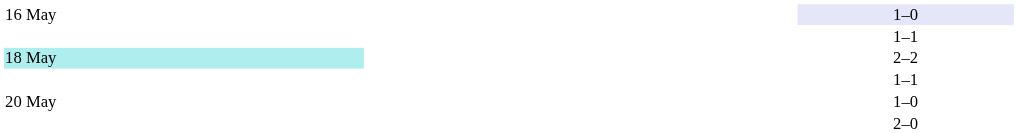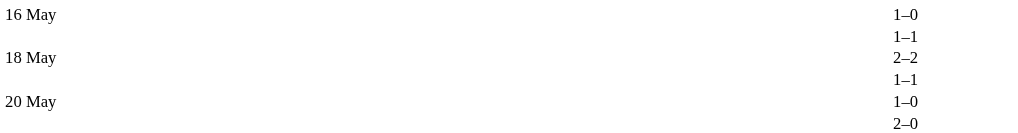 <table cellspacing=1 width=70%>
 <tr>
 <th width=25%></th>
 <th width=30%></th>
 <th width=15%></th>
 <th width=30%></th>
 </tr>
 <tr>
 <td>16 May</td>
 <td align=right></td>
-<td align=center style="background: lavender;">1–0</td>
+<td align=center>1–0</td>
 <td></td>
 </tr>
 <tr>
 <td></td>
 <td align=right></td>
 <td align=center>1–1</td>
 <td></td>
 </tr>
 <tr>
-<td style="background: paleturquoise;">18 May</td>
+<td>18 May</td>
 <td align=right></td>
 <td align=center>2–2</td>
 <td></td>
 </tr>
 <tr>
 <td></td>
 <td align=right></td>
 <td align=center>1–1</td>
 <td></td>
 </tr>
 <tr>
 <td>20 May</td>
 <td align=right></td>
 <td align=center>1–0</td>
 <td></td>
 </tr>
 <tr>
 <td></td>
 <td align=right></td>
 <td align=center>2–0</td>
 <td></td>
 </tr>
 </table>
